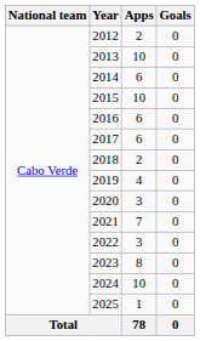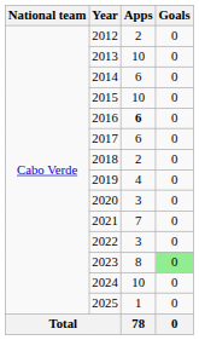 <table class="wikitable" style="text-align:center">
 <tr>
 <th>National team</th>
 <th>Year</th>
 <th>Apps</th>
 <th>Goals</th>
 </tr>
 <tr>
 <td rowspan="14"><a href='#'>Cabo Verde</a></td>
 <td>2012</td>
 <td>2</td>
 <td>0</td>
 </tr>
 <tr>
 <td>2013</td>
 <td>10</td>
 <td>0</td>
 </tr>
 <tr>
 <td>2014</td>
 <td>6</td>
 <td>0</td>
 </tr>
 <tr>
 <td>2015</td>
 <td>10</td>
 <td>0</td>
 </tr>
 <tr>
 <td>2016</td>
-<td>6</td>
+<td><strong>6</strong></td>
 <td>0</td>
 </tr>
 <tr>
 <td>2017</td>
 <td>6</td>
 <td>0</td>
 </tr>
 <tr>
 <td>2018</td>
 <td>2</td>
 <td>0</td>
 </tr>
 <tr>
 <td>2019</td>
 <td>4</td>
 <td>0</td>
 </tr>
 <tr>
 <td>2020</td>
 <td>3</td>
 <td>0</td>
 </tr>
 <tr>
 <td>2021</td>
 <td>7</td>
 <td>0</td>
 </tr>
 <tr>
 <td>2022</td>
 <td>3</td>
 <td>0</td>
 </tr>
 <tr>
 <td>2023</td>
 <td>8</td>
-<td>0</td>
+<td style="background: lightgreen;">0</td>
 </tr>
 <tr>
 <td>2024</td>
 <td>10</td>
 <td>0</td>
 </tr>
 <tr>
 <td>2025</td>
 <td>1</td>
 <td>0</td>
 </tr>
 <tr>
 <th colspan="2">Total</th>
 <th>78</th>
 <th>0</th>
 </tr>
 </table>
